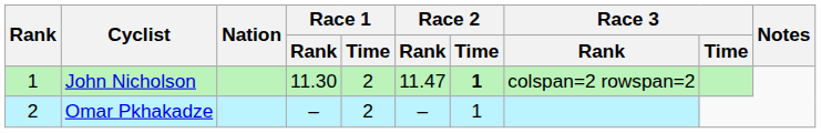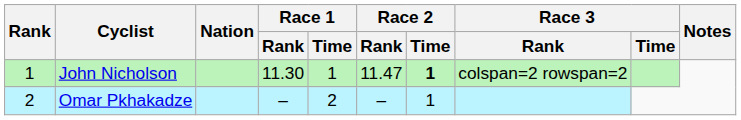 <table class="wikitable sortable" style="text-align:center">
 <tr>
 <th rowspan=2>Rank</th>
 <th rowspan=2>Cyclist</th>
 <th rowspan=2>Nation</th>
 <th colspan=2>Race 1</th>
 <th colspan=2>Race 2</th>
 <th colspan=2>Race 3</th>
 <th rowspan=2>Notes</th>
 </tr>
 <tr>
 <th>Rank</th>
 <th>Time</th>
 <th>Rank</th>
 <th>Time</th>
 <th>Rank</th>
 <th>Time</th>
 </tr>
 <tr bgcolor=bbf3bb>
 <td>1</td>
 <td align=left data-sort-value="Nicholson, John"><a href='#'>John Nicholson</a></td>
 <td align=left></td>
 <td>11.30</td>
-<td>2</td>
+<td>1</td>
 <td>11.47</td>
 <td><strong>1</strong></td>
 <td>colspan=2 rowspan=2 </td>
 <td></td>
 </tr>
 <tr bgcolor=bbf3ff>
 <td>2</td>
 <td align=left data-sort-value="Pkhakadze, Omar"><a href='#'>Omar Pkhakadze</a></td>
 <td align=left></td>
 <td>–</td>
 <td>2</td>
 <td>–</td>
 <td>1</td>
 <td></td>
 </tr>
 </table>
